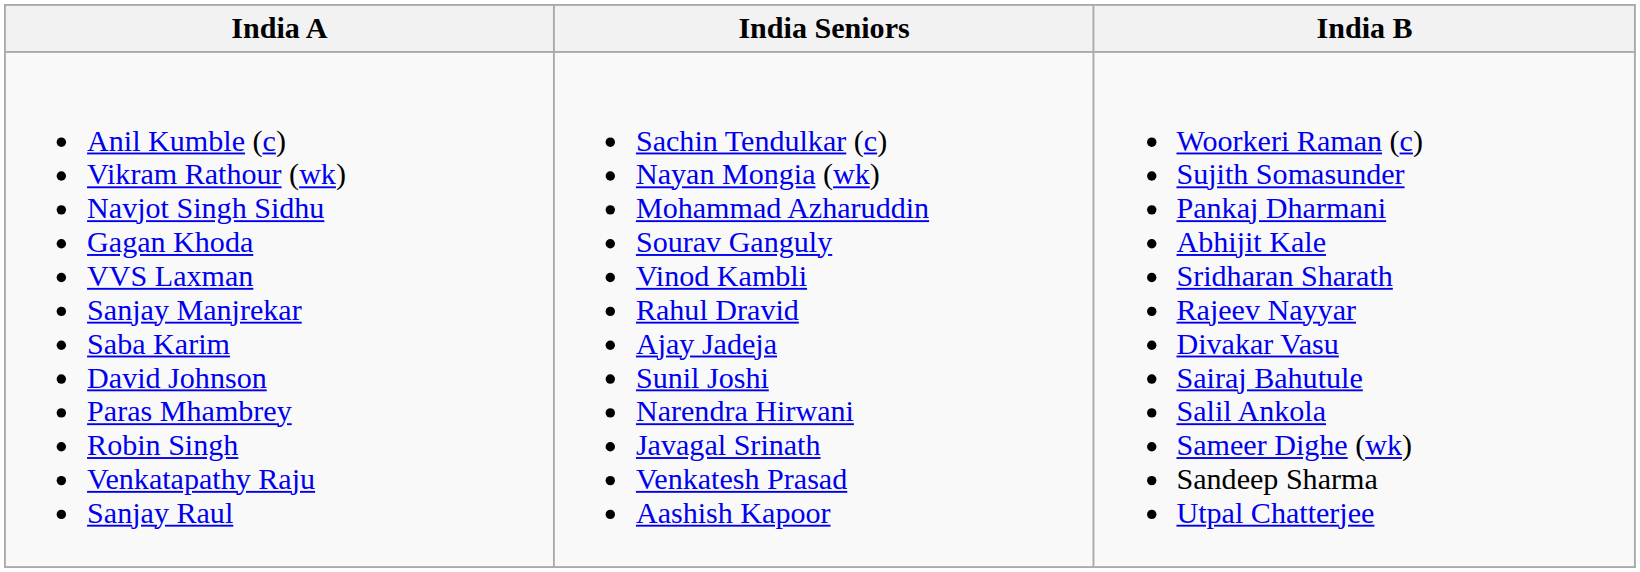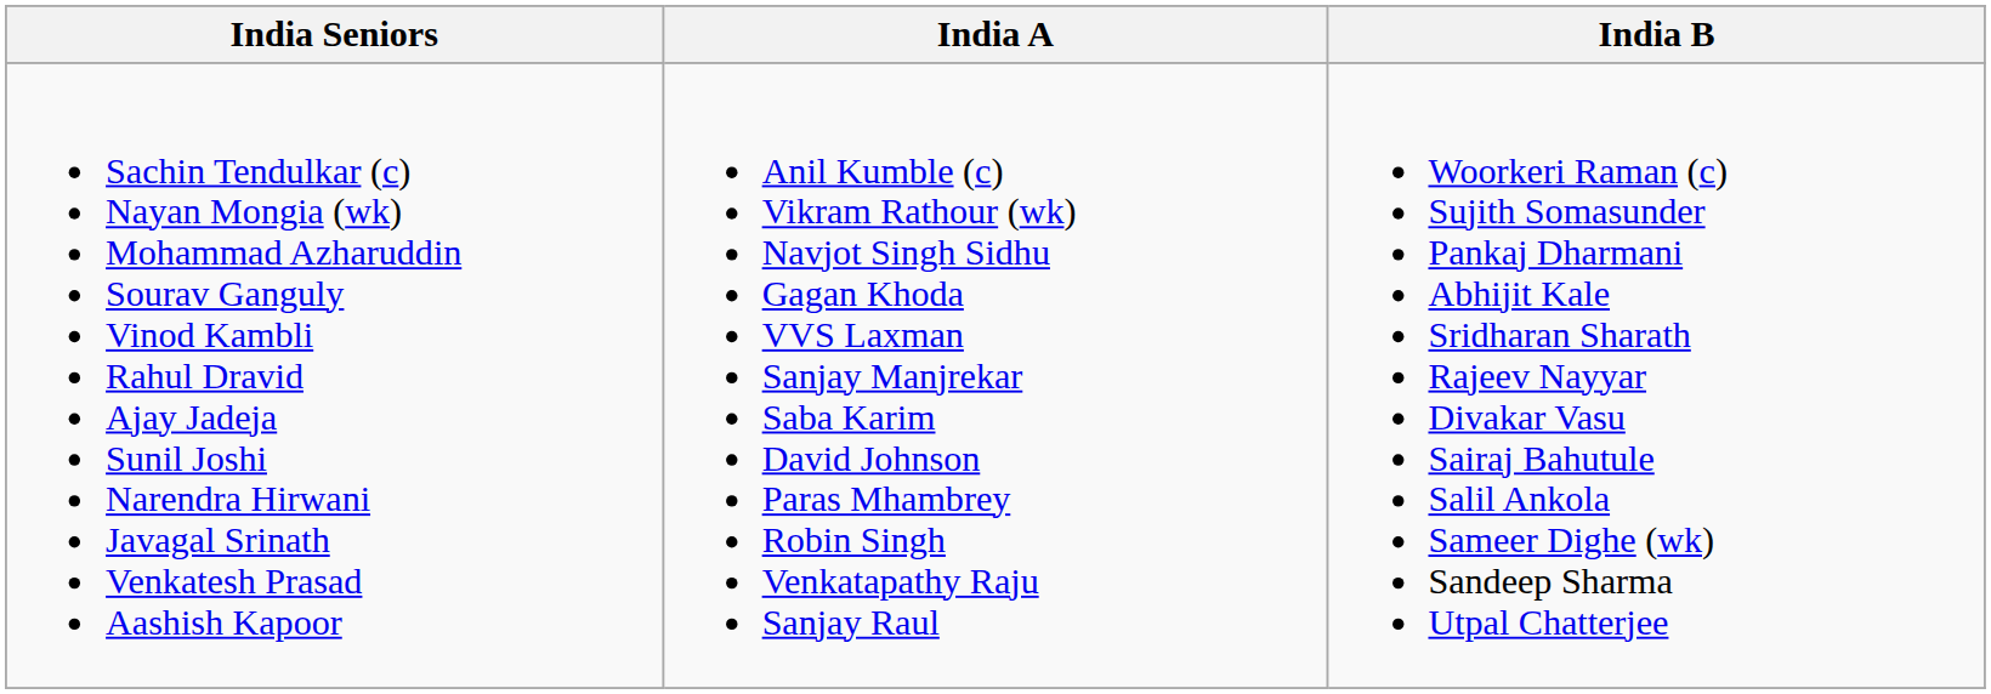 <table class="wikitable">
 <tr>
+<th style="width:15%;"> India Seniors </th>
 <th style="width:15%;"> India A </th>
-<th style="width:15%;"> India Seniors </th>
 <th style="width:15%;"> India B </th>
 </tr>
 <tr style="vertical-align:top">
+<td><br><ul><li><a href='#'>Sachin Tendulkar</a> (<a href='#'>c</a>)</li><li><a href='#'>Nayan Mongia</a> (<a href='#'>wk</a>)</li><li><a href='#'>Mohammad Azharuddin</a></li><li><a href='#'>Sourav Ganguly</a></li><li><a href='#'>Vinod Kambli</a></li><li><a href='#'>Rahul Dravid</a></li><li><a href='#'>Ajay Jadeja</a></li><li><a href='#'>Sunil Joshi</a></li><li><a href='#'>Narendra Hirwani</a></li><li><a href='#'>Javagal Srinath</a></li><li><a href='#'>Venkatesh Prasad</a></li><li><a href='#'>Aashish Kapoor</a></li></ul></td>
 <td><br><ul><li><a href='#'>Anil Kumble</a> (<a href='#'>c</a>)</li><li><a href='#'>Vikram Rathour</a> (<a href='#'>wk</a>)</li><li><a href='#'>Navjot Singh Sidhu</a></li><li><a href='#'>Gagan Khoda</a></li><li><a href='#'>VVS Laxman</a></li><li><a href='#'>Sanjay Manjrekar</a></li><li><a href='#'>Saba Karim</a></li><li><a href='#'>David Johnson</a></li><li><a href='#'>Paras Mhambrey</a></li><li><a href='#'>Robin Singh</a></li><li><a href='#'>Venkatapathy Raju</a></li><li><a href='#'>Sanjay Raul</a></li></ul></td>
-<td><br><ul><li><a href='#'>Sachin Tendulkar</a> (<a href='#'>c</a>)</li><li><a href='#'>Nayan Mongia</a> (<a href='#'>wk</a>)</li><li><a href='#'>Mohammad Azharuddin</a></li><li><a href='#'>Sourav Ganguly</a></li><li><a href='#'>Vinod Kambli</a></li><li><a href='#'>Rahul Dravid</a></li><li><a href='#'>Ajay Jadeja</a></li><li><a href='#'>Sunil Joshi</a></li><li><a href='#'>Narendra Hirwani</a></li><li><a href='#'>Javagal Srinath</a></li><li><a href='#'>Venkatesh Prasad</a></li><li><a href='#'>Aashish Kapoor</a></li></ul></td>
 <td><br><ul><li><a href='#'>Woorkeri Raman</a> (<a href='#'>c</a>)</li><li><a href='#'>Sujith Somasunder</a></li><li><a href='#'>Pankaj Dharmani</a></li><li><a href='#'>Abhijit Kale</a></li><li><a href='#'>Sridharan Sharath</a></li><li><a href='#'>Rajeev Nayyar</a></li><li><a href='#'>Divakar Vasu</a></li><li><a href='#'>Sairaj Bahutule</a></li><li><a href='#'>Salil Ankola</a></li><li><a href='#'>Sameer Dighe</a> (<a href='#'>wk</a>)</li><li>Sandeep Sharma</li><li><a href='#'>Utpal Chatterjee</a></li></ul></td>
 </tr>
 </table>
